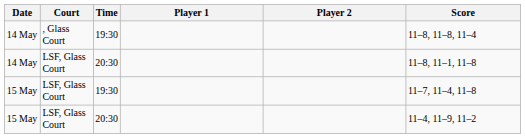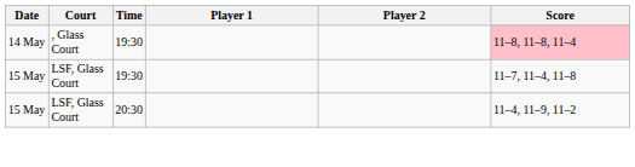 <table class="sortable wikitable" style="font-size:90%">
 <tr>
 <th width="45" class="unsortable">Date</th>
 <th width="70">Court</th>
 <th width="30">Time</th>
 <th width="200">Player 1</th>
 <th width="200">Player 2</th>
 <th width="160" class="unsortable">Score</th>
 </tr>
 <tr>
 <td>14 May</td>
 <td>, Glass Court</td>
 <td>19:30</td>
 <td><strong></strong></td>
 <td></td>
-<td>11–8, 11–8, 11–4</td>
-</tr>
-<tr>
-<td>14 May</td>
-<td>LSF, Glass Court</td>
-<td>20:30</td>
-<td><strong></strong></td>
-<td></td>
-<td>11–8, 11–1, 11–8</td>
+<td style="background: pink;">11–8, 11–8, 11–4</td>
 </tr>
 <tr>
 <td>15 May</td>
 <td>LSF, Glass  Court</td>
 <td>19:30</td>
 <td><strong></strong></td>
 <td></td>
 <td>11–7, 11–4, 11–8</td>
 </tr>
 <tr>
 <td>15 May</td>
 <td>LSF, Glass Court</td>
 <td>20:30</td>
 <td><strong></strong></td>
 <td></td>
 <td>11–4, 11–9, 11–2</td>
 </tr>
 </table>
